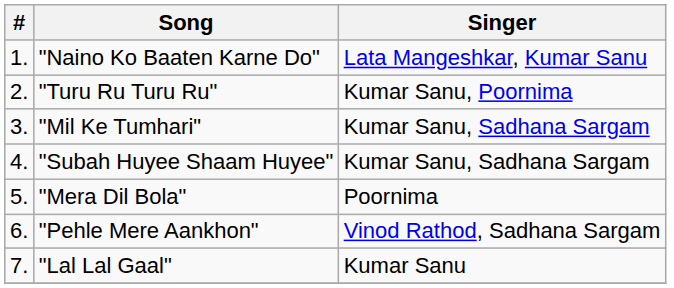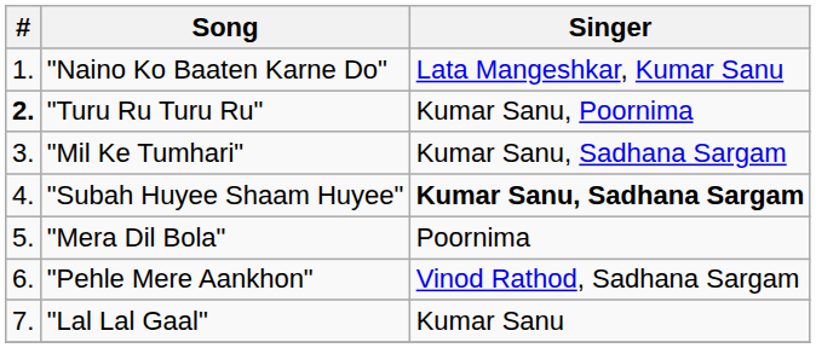 <table class="wikitable sortable" style="font-size:90%;">
 <tr>
 <th>#</th>
 <th>Song</th>
 <th>Singer</th>
 </tr>
 <tr>
 <td>1.</td>
 <td>"Naino Ko Baaten Karne Do"</td>
 <td><a href='#'>Lata Mangeshkar</a>, <a href='#'>Kumar Sanu</a></td>
 </tr>
 <tr>
-<td>2.</td>
+<td><strong>2.</strong></td>
 <td>"Turu Ru Turu Ru"</td>
 <td>Kumar Sanu, <a href='#'>Poornima</a></td>
 </tr>
 <tr>
 <td>3.</td>
 <td>"Mil Ke Tumhari"</td>
 <td>Kumar Sanu, <a href='#'>Sadhana Sargam</a></td>
 </tr>
 <tr>
 <td>4.</td>
 <td>"Subah Huyee Shaam Huyee"</td>
-<td>Kumar Sanu, Sadhana Sargam</td>
+<td><strong>Kumar Sanu, Sadhana Sargam</strong></td>
 </tr>
 <tr>
 <td>5.</td>
 <td>"Mera Dil Bola"</td>
 <td>Poornima</td>
 </tr>
 <tr>
 <td>6.</td>
 <td>"Pehle Mere Aankhon"</td>
 <td><a href='#'>Vinod Rathod</a>, Sadhana Sargam</td>
 </tr>
 <tr>
 <td>7.</td>
 <td>"Lal Lal Gaal"</td>
 <td>Kumar Sanu</td>
 </tr>
 <tr>
 </tr>
 </table>
